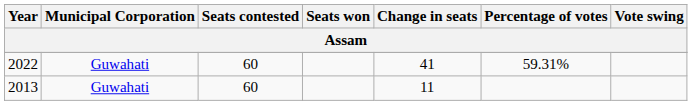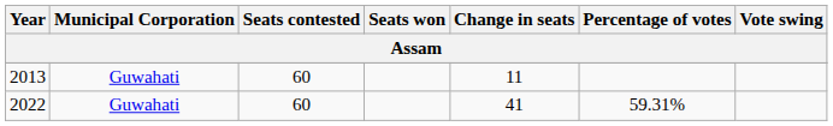 <table class="wikitable" style="text-align:center">
 <tr>
 <th Style="background-color:">Year</th>
 <th Style="background-color:">Municipal Corporation</th>
 <th Style="background-color:">Seats contested</th>
 <th Style="background-color:">Seats won</th>
 <th Style="background-color:">Change in seats</th>
 <th Style="background-color:">Percentage of votes</th>
 <th Style="background-color:">Vote swing</th>
 </tr>
 <tr>
 <th colspan=7>Assam</th>
 </tr>
 <tr>
 </tr>
 <tr>
+<td>2013</td>
+<td><a href='#'>Guwahati</a></td>
+<td>60</td>
+<td></td>
+<td> 11</td>
+<td></td>
+<td></td>
+</tr>
+<tr>
 <td>2022</td>
 <td><a href='#'>Guwahati</a></td>
 <td>60</td>
 <td></td>
 <td>41</td>
 <td>59.31%</td>
 <td></td>
 </tr>
-<tr>
-<td>2013</td>
-<td><a href='#'>Guwahati</a></td>
-<td>60</td>
-<td></td>
-<td> 11</td>
-<td></td>
-<td></td>
-</tr>
 </table>
